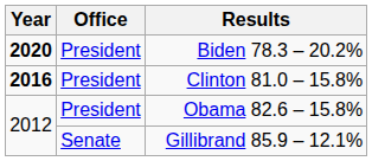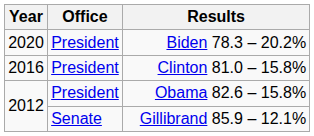 <table class=wikitable>
 <tr>
 <th width="30">Year</th>
 <th width="60">Office</th>
 <th width="180">Results</th>
 </tr>
 <tr>
-<td><strong>2020</strong></td>
+<td>2020</td>
 <td><a href='#'>President</a></td>
 <td align="right" ><a href='#'>Biden</a> 78.3 – 20.2%</td>
 </tr>
 <tr>
-<td><strong>2016</strong></td>
+<td>2016</td>
 <td><a href='#'>President</a></td>
 <td align="right" ><a href='#'>Clinton</a> 81.0 – 15.8%</td>
 </tr>
 <tr>
 <td rowspan="2">2012</td>
 <td><a href='#'>President</a></td>
 <td align="right" ><a href='#'>Obama</a> 82.6 – 15.8%</td>
 </tr>
 <tr>
 <td><a href='#'>Senate</a></td>
 <td align="right" ><a href='#'>Gillibrand</a> 85.9 – 12.1%</td>
 </tr>
 </table>
